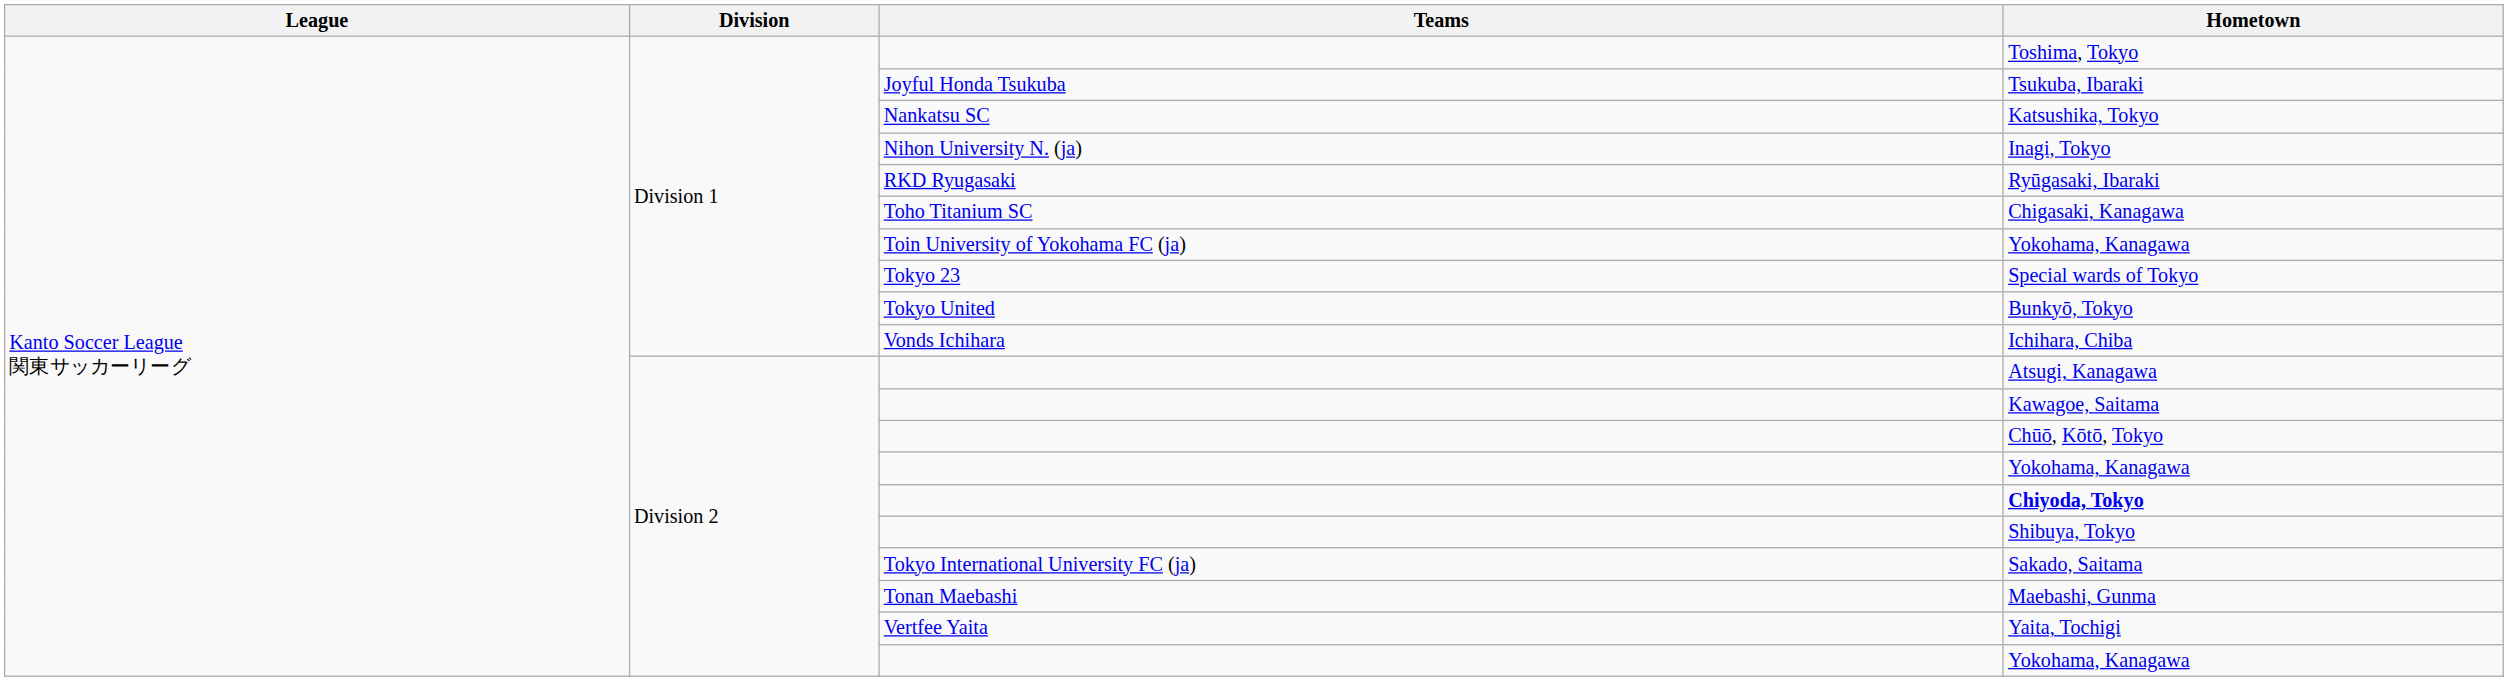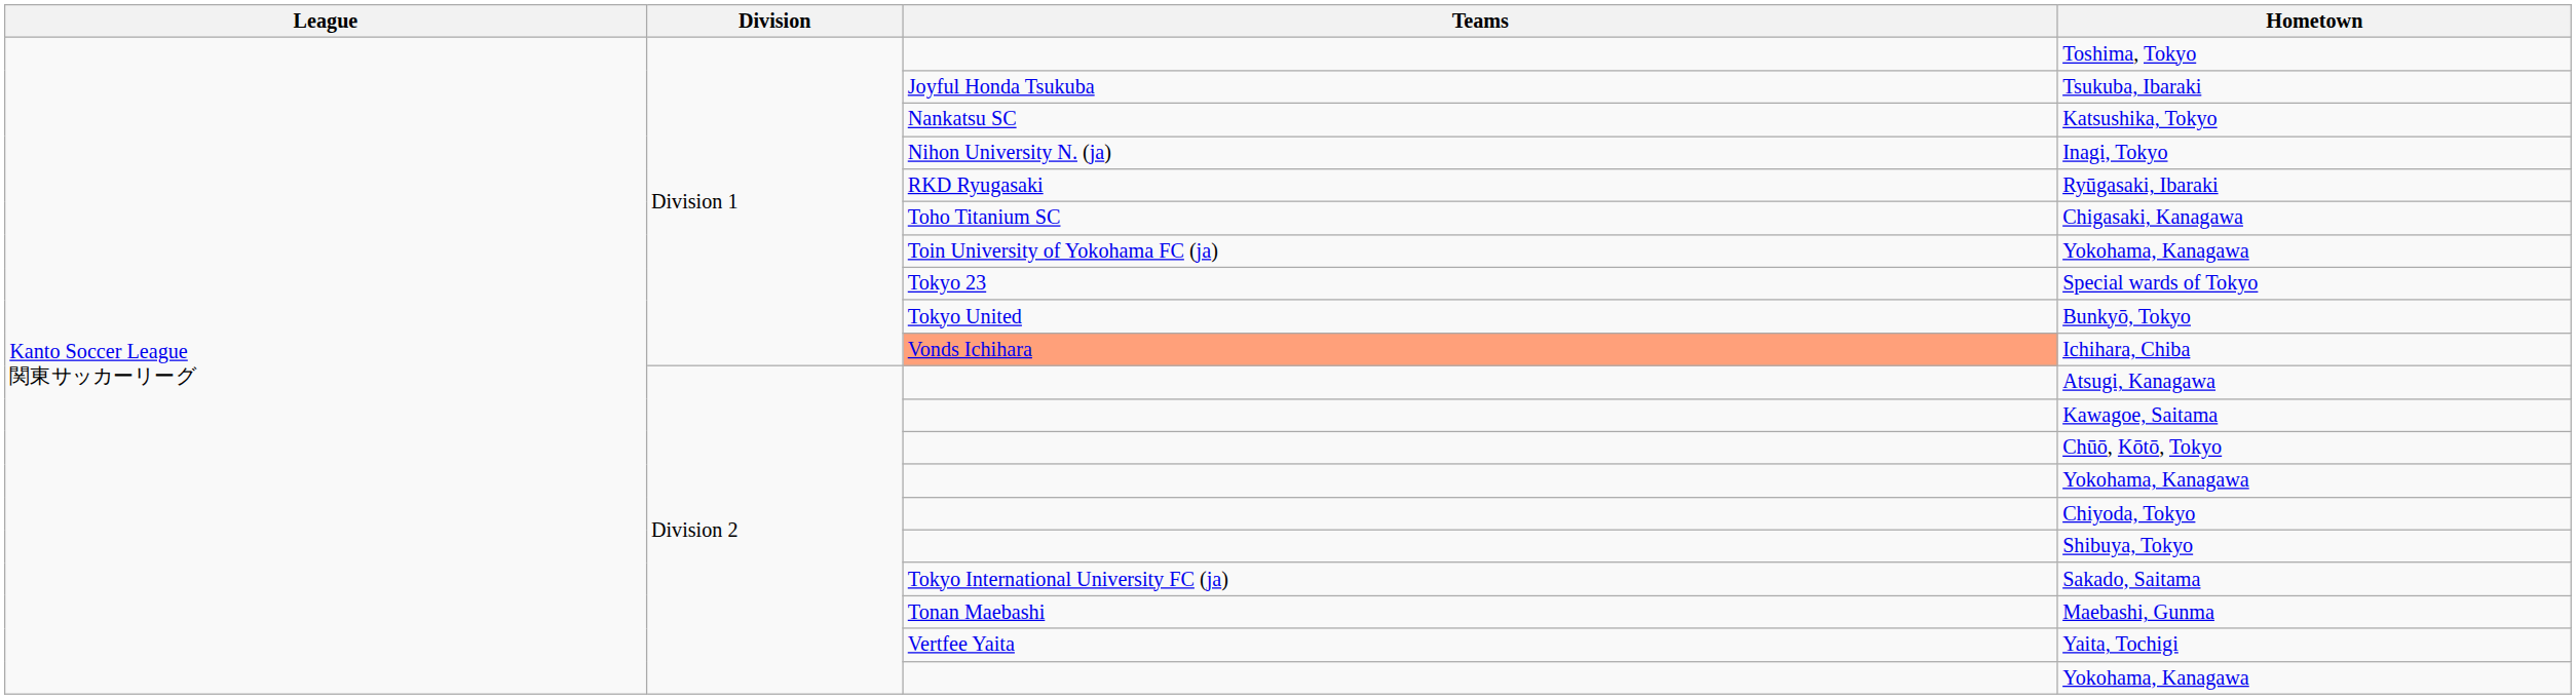 <table class="wikitable" width=100%>
 <tr>
 <th width=25%>League</th>
 <th width=10%>Division</th>
 <th width=45%>Teams</th>
 <th width=20%>Hometown</th>
 </tr>
 <tr>
 <td rowspan="20"><a href='#'>Kanto Soccer League</a><br>関東サッカーリーグ</td>
 <td rowspan="10">Division 1</td>
 <td></td>
 <td><a href='#'>Toshima</a>, <a href='#'>Tokyo</a></td>
 </tr>
 <tr>
 <td><a href='#'>Joyful Honda Tsukuba</a></td>
 <td><a href='#'>Tsukuba, Ibaraki</a></td>
 </tr>
 <tr>
 <td><a href='#'>Nankatsu SC</a></td>
 <td><a href='#'>Katsushika, Tokyo</a></td>
 </tr>
 <tr>
 <td><a href='#'>Nihon University N.</a> (<a href='#'>ja</a>) </td>
 <td><a href='#'>Inagi, Tokyo</a></td>
 </tr>
 <tr>
 <td><a href='#'>RKD Ryugasaki</a> </td>
 <td><a href='#'>Ryūgasaki, Ibaraki</a></td>
 </tr>
 <tr>
 <td><a href='#'>Toho Titanium SC</a></td>
 <td><a href='#'>Chigasaki, Kanagawa</a></td>
 </tr>
 <tr>
 <td><a href='#'>Toin University of Yokohama FC</a> (<a href='#'>ja</a>)</td>
 <td><a href='#'>Yokohama, Kanagawa</a></td>
 </tr>
 <tr>
 <td><a href='#'>Tokyo 23</a></td>
 <td><a href='#'>Special wards of Tokyo</a></td>
 </tr>
 <tr>
 <td><a href='#'>Tokyo United</a></td>
 <td><a href='#'>Bunkyō, Tokyo</a></td>
 </tr>
 <tr>
-<td><a href='#'>Vonds Ichihara</a></td>
+<td style="background: lightsalmon;"><a href='#'>Vonds Ichihara</a></td>
 <td><a href='#'>Ichihara, Chiba</a></td>
 </tr>
 <tr>
 <td rowspan="10">Division 2 </td>
 <td></td>
 <td><a href='#'>Atsugi, Kanagawa</a></td>
 </tr>
 <tr>
 <td></td>
 <td><a href='#'>Kawagoe, Saitama</a></td>
 </tr>
 <tr>
 <td> </td>
 <td><a href='#'>Chūō</a>, <a href='#'>Kōtō</a>, <a href='#'>Tokyo</a></td>
 </tr>
 <tr>
 <td></td>
 <td><a href='#'>Yokohama, Kanagawa</a></td>
 </tr>
 <tr>
 <td></td>
-<td><strong><a href='#'>Chiyoda, Tokyo</a></strong></td>
+<td><a href='#'>Chiyoda, Tokyo</a></td>
 </tr>
 <tr>
 <td> </td>
 <td><a href='#'>Shibuya, Tokyo</a></td>
 </tr>
 <tr>
 <td><a href='#'>Tokyo International University FC</a> (<a href='#'>ja</a>) </td>
 <td><a href='#'>Sakado, Saitama</a></td>
 </tr>
 <tr>
 <td><a href='#'>Tonan Maebashi</a></td>
 <td><a href='#'>Maebashi, Gunma</a></td>
 </tr>
 <tr>
 <td><a href='#'>Vertfee Yaita</a> </td>
 <td><a href='#'>Yaita, Tochigi</a></td>
 </tr>
 <tr>
 <td></td>
 <td><a href='#'>Yokohama, Kanagawa</a></td>
 </tr>
 </table>
